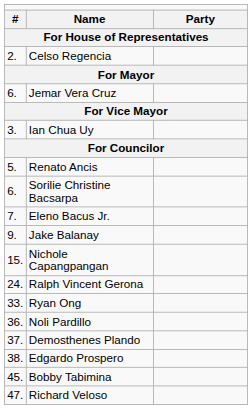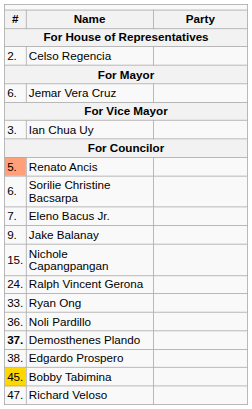 <table class=wikitable style="font-size:90%">
 <tr>
 <td colspan=4 bgcolor=></td>
 </tr>
 <tr>
 <th>#</th>
 <th width=150px>Name</th>
 <th colspan=2 width=110px>Party</th>
 </tr>
 <tr>
 <th colspan=5>For House of Representatives</th>
 </tr>
 <tr>
 <td>2.</td>
 <td>Celso Regencia</td>
 <td></td>
 </tr>
 <tr>
 <th colspan=5>For Mayor</th>
 </tr>
 <tr>
 <td>6.</td>
 <td>Jemar Vera Cruz</td>
 <td></td>
 </tr>
 <tr>
 <th colspan=5>For Vice Mayor</th>
 </tr>
 <tr>
 <td>3.</td>
 <td>Ian Chua Uy</td>
 <td></td>
 </tr>
 <tr>
 <th colspan=5>For Councilor</th>
 </tr>
 <tr>
-<td>5.</td>
+<td style="background: lightsalmon;">5.</td>
 <td>Renato Ancis</td>
 <td></td>
 </tr>
 <tr>
 <td>6.</td>
 <td>Sorilie Christine Bacsarpa</td>
 <td></td>
 </tr>
 <tr>
 <td>7.</td>
 <td>Eleno Bacus Jr.</td>
 <td></td>
 </tr>
 <tr>
 <td>9.</td>
 <td>Jake Balanay</td>
 <td></td>
 </tr>
 <tr>
 <td>15.</td>
 <td>Nichole Capangpangan</td>
 <td></td>
 </tr>
 <tr>
 <td>24.</td>
 <td>Ralph Vincent Gerona</td>
 <td></td>
 </tr>
 <tr>
 <td>33.</td>
 <td>Ryan Ong</td>
 <td></td>
 </tr>
 <tr>
 <td>36.</td>
 <td>Noli Pardillo</td>
 <td></td>
 </tr>
 <tr>
-<td>37.</td>
+<td><strong>37.</strong></td>
 <td>Demosthenes Plando</td>
 <td></td>
 </tr>
 <tr>
 <td>38.</td>
 <td>Edgardo Prospero</td>
 <td></td>
 </tr>
 <tr>
-<td>45.</td>
+<td style="background: gold;">45.</td>
 <td>Bobby Tabimina</td>
 <td></td>
 </tr>
 <tr>
 <td>47.</td>
 <td>Richard Veloso</td>
 <td></td>
 </tr>
 </table>
